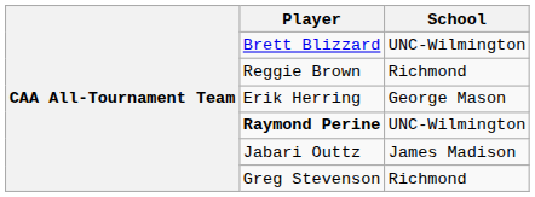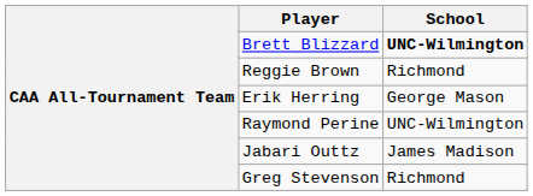 <table class="wikitable" border="1">
 <tr>
 <th rowspan=7 valign=middle>CAA All-Tournament Team</th>
 <th>Player</th>
 <th>School</th>
 </tr>
 <tr>
 <td><a href='#'>Brett Blizzard</a></td>
-<td>UNC-Wilmington</td>
+<td><strong>UNC-Wilmington</strong></td>
 </tr>
 <tr>
 <td>Reggie Brown</td>
 <td>Richmond</td>
 </tr>
 <tr>
 <td>Erik Herring</td>
 <td>George Mason</td>
 </tr>
 <tr>
-<td><strong>Raymond Perine</strong></td>
+<td>Raymond Perine</td>
 <td>UNC-Wilmington</td>
 </tr>
 <tr>
 <td>Jabari Outtz</td>
 <td>James Madison</td>
 </tr>
 <tr>
 <td>Greg Stevenson</td>
 <td>Richmond</td>
 </tr>
 </table>
